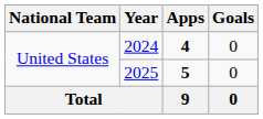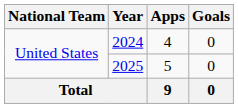 <table class="wikitable" style="text-align:center">
 <tr>
 <th>National Team</th>
 <th>Year</th>
 <th>Apps</th>
 <th>Goals</th>
 </tr>
 <tr>
 <td rowspan=2><a href='#'>United States</a></td>
 <td><a href='#'>2024</a></td>
-<td><strong>4</strong></td>
+<td>4</td>
 <td>0</td>
 </tr>
 <tr>
 <td><a href='#'>2025</a></td>
-<td><strong>5</strong></td>
+<td>5</td>
 <td>0</td>
 </tr>
 <tr>
 <th colspan=2>Total</th>
 <th>9</th>
 <th>0</th>
 </tr>
 </table>
